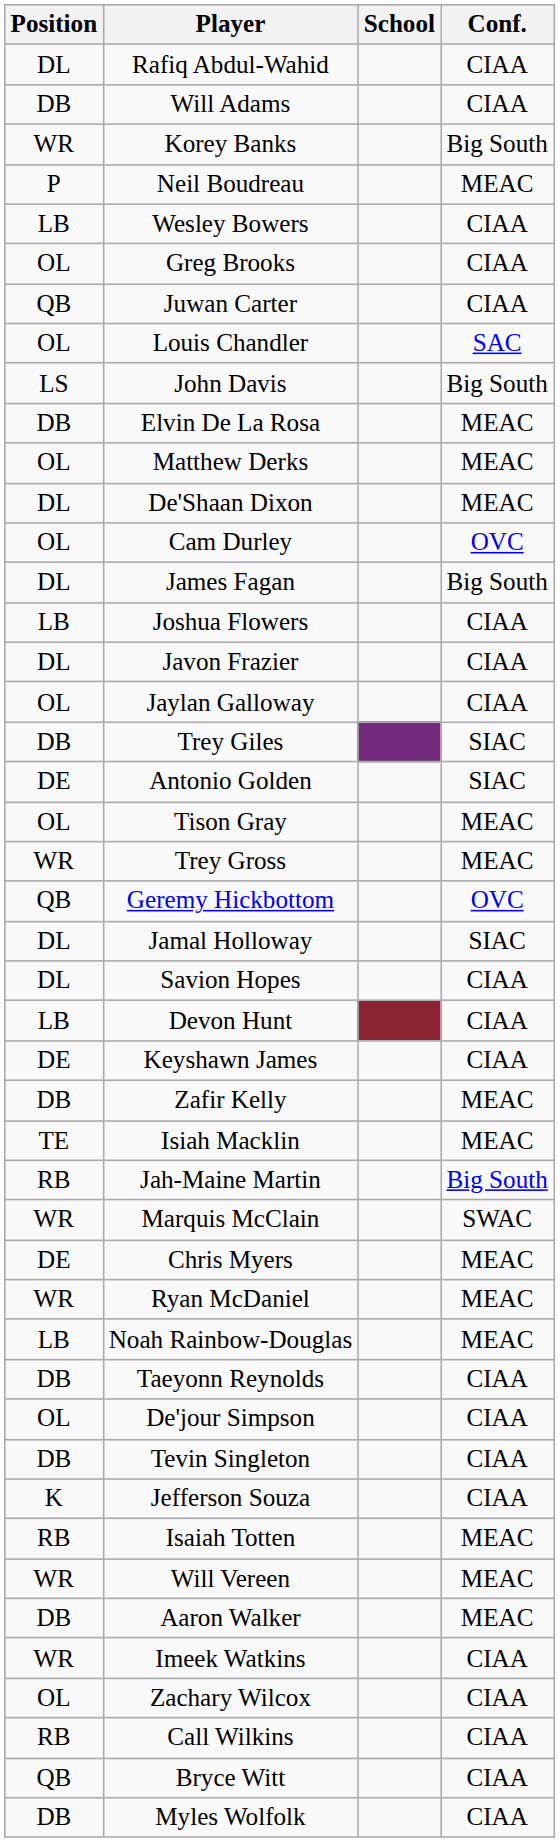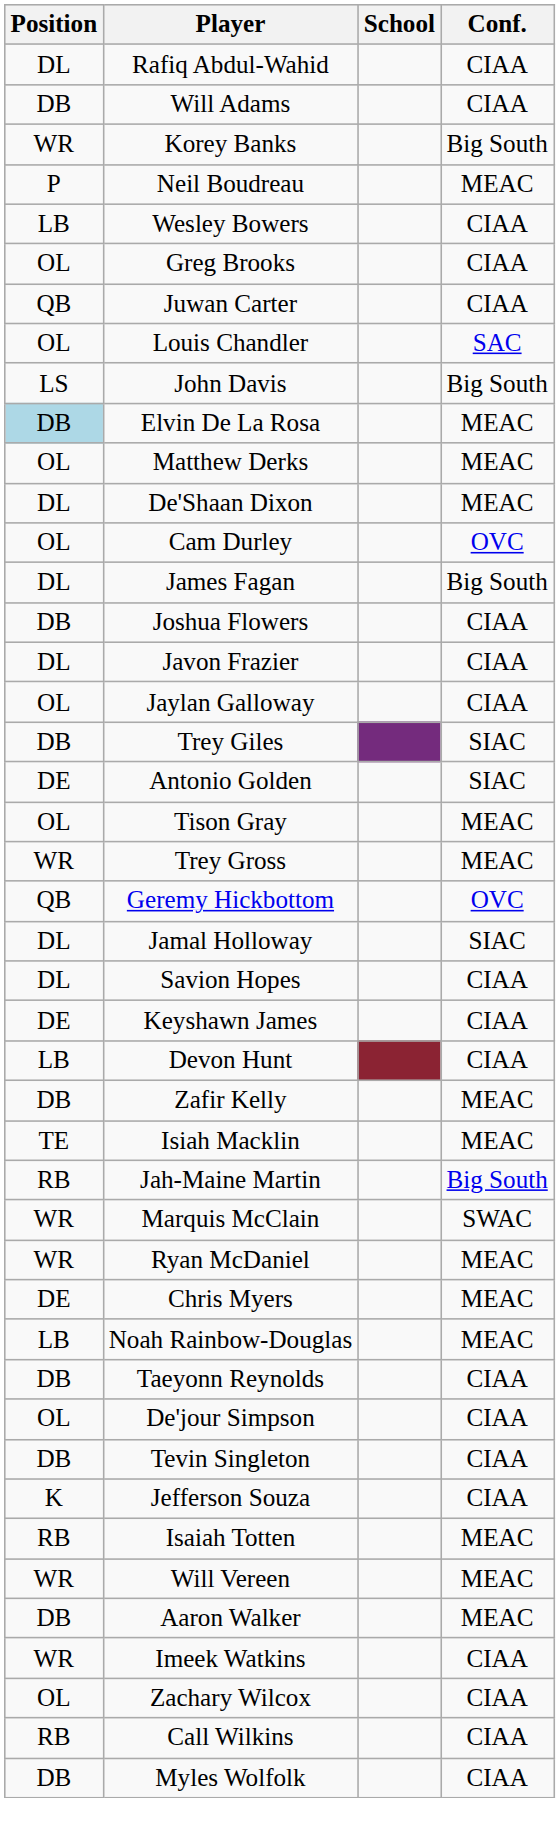 <table class="wikitable" style="text-align:center">
 <tr>
 <th>Position</th>
 <th>Player</th>
 <th>School</th>
 <th>Conf.</th>
 </tr>
 <tr>
 <td>DL</td>
 <td>Rafiq Abdul-Wahid</td>
 <td></td>
 <td>CIAA</td>
 </tr>
 <tr>
 <td>DB</td>
 <td>Will Adams</td>
 <td></td>
 <td>CIAA</td>
 </tr>
 <tr>
 <td>WR</td>
 <td>Korey Banks</td>
 <td style=></td>
 <td>Big South</td>
 </tr>
 <tr>
 <td>P</td>
 <td>Neil Boudreau</td>
 <td style=></td>
 <td>MEAC</td>
 </tr>
 <tr>
 <td>LB</td>
 <td>Wesley Bowers</td>
 <td></td>
 <td>CIAA</td>
 </tr>
 <tr>
 <td>OL</td>
 <td>Greg Brooks</td>
 <td></td>
 <td>CIAA</td>
 </tr>
 <tr>
 <td>QB</td>
 <td>Juwan Carter</td>
 <td></td>
 <td>CIAA</td>
 </tr>
 <tr>
 <td>OL</td>
 <td>Louis Chandler</td>
 <td></td>
 <td><a href='#'>SAC</a></td>
 </tr>
 <tr>
 <td>LS</td>
 <td>John Davis</td>
 <td style=></td>
 <td>Big South</td>
 </tr>
 <tr>
-<td>DB</td>
+<td style="background: lightblue;">DB</td>
 <td>Elvin De La Rosa</td>
 <td></td>
 <td>MEAC</td>
 </tr>
 <tr>
 <td>OL</td>
 <td>Matthew Derks</td>
 <td></td>
 <td>MEAC</td>
 </tr>
 <tr>
 <td>DL</td>
 <td>De'Shaan Dixon</td>
 <td></td>
 <td>MEAC</td>
 </tr>
 <tr>
 <td>OL</td>
 <td>Cam Durley</td>
 <td></td>
 <td><a href='#'>OVC</a></td>
 </tr>
 <tr>
 <td>DL</td>
 <td>James Fagan</td>
 <td></td>
 <td>Big South</td>
 </tr>
 <tr>
-<td>LB</td>
+<td>DB</td>
 <td>Joshua Flowers</td>
 <td></td>
 <td>CIAA</td>
 </tr>
 <tr>
 <td>DL</td>
 <td>Javon Frazier</td>
 <td></td>
 <td>CIAA</td>
 </tr>
 <tr>
 <td>OL</td>
 <td>Jaylan Galloway</td>
 <td></td>
 <td>CIAA</td>
 </tr>
 <tr>
 <td>DB</td>
 <td>Trey Giles</td>
 <td style="background:#742b7d"></td>
 <td>SIAC</td>
 </tr>
 <tr>
 <td>DE</td>
 <td>Antonio Golden</td>
 <td></td>
 <td>SIAC</td>
 </tr>
 <tr>
 <td>OL</td>
 <td>Tison Gray</td>
 <td></td>
 <td>MEAC</td>
 </tr>
 <tr>
 <td>WR</td>
 <td>Trey Gross</td>
 <td></td>
 <td>MEAC</td>
 </tr>
 <tr>
 <td>QB</td>
 <td><a href='#'>Geremy Hickbottom</a></td>
 <td></td>
 <td><a href='#'>OVC</a></td>
 </tr>
 <tr>
 <td>DL</td>
 <td>Jamal Holloway</td>
 <td></td>
 <td>SIAC</td>
 </tr>
 <tr>
 <td>DL</td>
 <td>Savion Hopes</td>
 <td></td>
 <td>CIAA</td>
 </tr>
 <tr>
+<td>DE</td>
+<td>Keyshawn James</td>
+<td></td>
+<td>CIAA</td>
+</tr>
+<tr>
 <td>LB</td>
 <td>Devon Hunt</td>
 <td style="background:#8b2333"></td>
-<td>CIAA</td>
-</tr>
-<tr>
-<td>DE</td>
-<td>Keyshawn James</td>
-<td></td>
 <td>CIAA</td>
 </tr>
 <tr>
 <td>DB</td>
 <td>Zafir Kelly</td>
 <td></td>
 <td>MEAC</td>
 </tr>
 <tr>
 <td>TE</td>
 <td>Isiah Macklin</td>
 <td></td>
 <td>MEAC</td>
 </tr>
 <tr>
 <td>RB</td>
 <td>Jah-Maine Martin</td>
 <td></td>
 <td><a href='#'>Big South</a></td>
 </tr>
 <tr>
 <td>WR</td>
 <td>Marquis McClain</td>
 <td></td>
 <td>SWAC</td>
 </tr>
 <tr>
-<td>DE</td>
-<td>Chris Myers</td>
+<td>WR</td>
+<td>Ryan McDaniel</td>
 <td></td>
 <td>MEAC</td>
 </tr>
 <tr>
-<td>WR</td>
-<td>Ryan McDaniel</td>
+<td>DE</td>
+<td>Chris Myers</td>
 <td></td>
 <td>MEAC</td>
 </tr>
 <tr>
 <td>LB</td>
 <td>Noah Rainbow-Douglas</td>
 <td></td>
 <td>MEAC</td>
 </tr>
 <tr>
 <td>DB</td>
 <td>Taeyonn Reynolds</td>
 <td></td>
 <td>CIAA</td>
 </tr>
 <tr>
 <td>OL</td>
 <td>De'jour Simpson</td>
 <td></td>
 <td>CIAA</td>
 </tr>
 <tr>
 <td>DB</td>
 <td>Tevin Singleton</td>
 <td></td>
 <td>CIAA</td>
 </tr>
 <tr>
 <td>K</td>
 <td>Jefferson Souza</td>
 <td></td>
 <td>CIAA</td>
 </tr>
 <tr>
 <td>RB</td>
 <td>Isaiah Totten</td>
 <td></td>
 <td>MEAC</td>
 </tr>
 <tr>
 <td>WR</td>
 <td>Will Vereen</td>
 <td></td>
 <td>MEAC</td>
 </tr>
 <tr>
 <td>DB</td>
 <td>Aaron Walker</td>
 <td></td>
 <td>MEAC</td>
 </tr>
 <tr>
 <td>WR</td>
 <td>Imeek Watkins</td>
 <td></td>
 <td>CIAA</td>
 </tr>
 <tr>
 <td>OL</td>
 <td>Zachary Wilcox</td>
 <td></td>
 <td>CIAA</td>
 </tr>
 <tr>
 <td>RB</td>
 <td>Call Wilkins</td>
 <td></td>
 <td>CIAA</td>
 </tr>
 <tr>
-<td>QB</td>
-<td>Bryce Witt</td>
-<td></td>
-<td>CIAA</td>
-</tr>
-<tr>
 <td>DB</td>
 <td>Myles Wolfolk</td>
 <td></td>
 <td>CIAA</td>
 </tr>
 </table>
